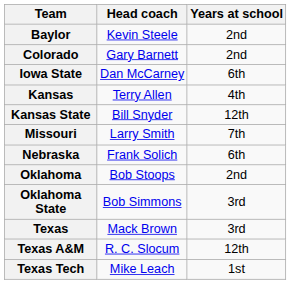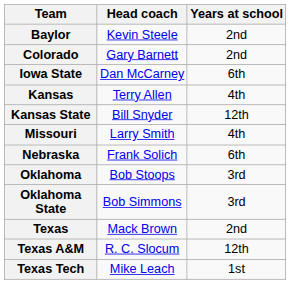 <table class="wikitable sortable" style="text-align: center">
 <tr>
 <th style="width:110px;">Team</th>
 <th>Head coach</th>
 <th>Years at school</th>
 </tr>
 <tr>
 <th>Baylor</th>
 <td><a href='#'>Kevin Steele</a></td>
 <td>2nd</td>
 </tr>
 <tr>
 <th>Colorado</th>
 <td><a href='#'>Gary Barnett</a></td>
 <td>2nd</td>
 </tr>
 <tr>
 <th>Iowa State</th>
 <td><a href='#'>Dan McCarney</a></td>
 <td>6th</td>
 </tr>
 <tr>
 <th>Kansas</th>
 <td><a href='#'>Terry Allen</a></td>
 <td>4th</td>
 </tr>
 <tr>
 <th>Kansas State</th>
 <td><a href='#'>Bill Snyder</a></td>
 <td>12th</td>
 </tr>
 <tr>
 <th>Missouri</th>
 <td><a href='#'>Larry Smith</a></td>
-<td>7th</td>
+<td>4th</td>
 </tr>
 <tr>
 <th>Nebraska</th>
 <td><a href='#'>Frank Solich</a></td>
 <td>6th</td>
 </tr>
 <tr>
 <th>Oklahoma</th>
 <td><a href='#'>Bob Stoops</a></td>
-<td>2nd</td>
+<td>3rd</td>
 </tr>
 <tr>
 <th>Oklahoma State</th>
 <td><a href='#'>Bob Simmons</a></td>
 <td>3rd</td>
 </tr>
 <tr>
 <th>Texas</th>
 <td><a href='#'>Mack Brown</a></td>
-<td>3rd</td>
+<td>2nd</td>
 </tr>
 <tr>
 <th>Texas A&M</th>
 <td><a href='#'>R. C. Slocum</a></td>
 <td>12th</td>
 </tr>
 <tr>
 <th>Texas Tech</th>
 <td><a href='#'>Mike Leach</a></td>
 <td>1st</td>
 </tr>
 </table>
